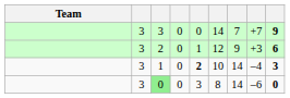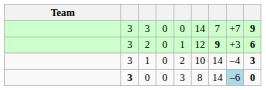 <table class="wikitable" style="text-align: center;">
 <tr>
 <th width="175">Team</th>
 <th width="20"></th>
 <th width="20"></th>
 <th width="20"></th>
 <th width="20"></th>
 <th width="20"></th>
 <th width="20"></th>
 <th width="20"></th>
 <th width="20"></th>
 </tr>
 <tr align=center bgcolor=#ccffcc>
 <td style="text-align:left;"></td>
 <td>3</td>
 <td>3</td>
 <td>0</td>
 <td>0</td>
 <td>14</td>
 <td>7</td>
 <td>+7</td>
 <td><strong>9</strong></td>
 </tr>
 <tr align=center bgcolor=#ccffcc>
 <td style="text-align:left;"></td>
 <td>3</td>
 <td>2</td>
 <td>0</td>
 <td>1</td>
 <td>12</td>
-<td>9</td>
+<td><strong>9</strong></td>
 <td>+3</td>
 <td><strong>6</strong></td>
 </tr>
 <tr>
 <td style="text-align:left;"></td>
 <td>3</td>
 <td>1</td>
 <td>0</td>
-<td><strong>2</strong></td>
+<td>2</td>
 <td>10</td>
 <td>14</td>
 <td>–4</td>
 <td><strong>3</strong></td>
 </tr>
 <tr>
 <td style="text-align:left;"></td>
-<td>3</td>
-<td style="background: lightgreen;">0</td>
+<td><strong>3</strong></td>
+<td>0</td>
 <td>0</td>
 <td>3</td>
 <td>8</td>
 <td>14</td>
-<td>–6</td>
+<td style="background: lightblue;">–6</td>
 <td><strong>0</strong></td>
 </tr>
 </table>
